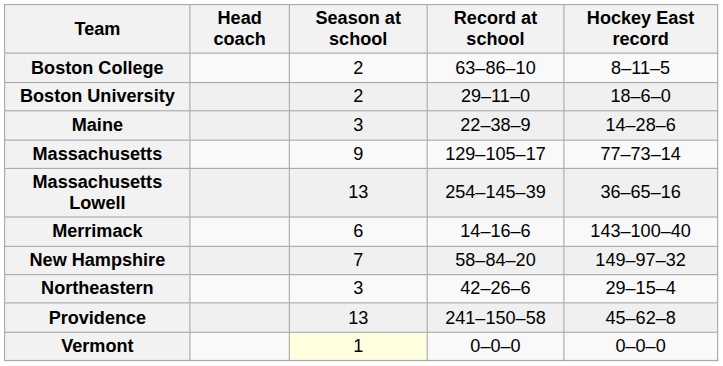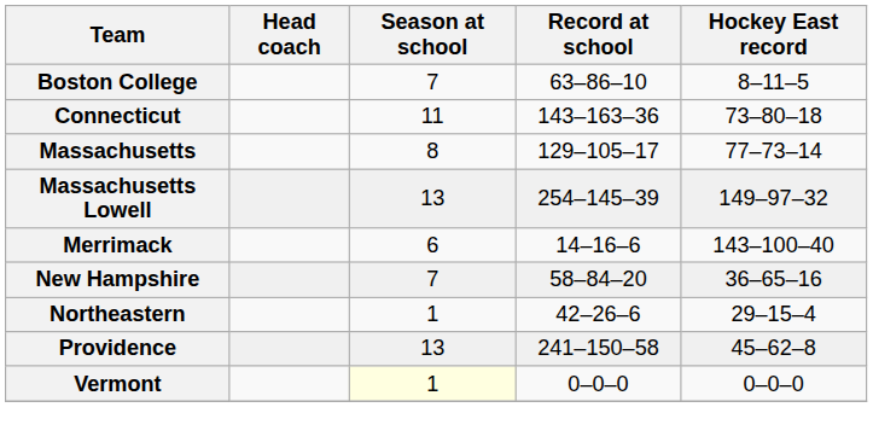 <table class="wikitable sortable" style="text-align: center; "width=50%">
 <tr>
 <th>Team</th>
 <th>Head coach</th>
 <th>Season at school</th>
 <th>Record at school</th>
 <th>Hockey East record</th>
 </tr>
 <tr>
 <th>Boston College</th>
 <td></td>
-<td>2</td>
+<td>7</td>
 <td>63–86–10</td>
 <td>8–11–5</td>
 </tr>
-<tr bgcolor=f0f0f0>
-<th>Boston University</th>
+<tr>
+<th>Connecticut</th>
 <td></td>
-<td>2</td>
-<td>29–11–0</td>
-<td>18–6–0</td>
-</tr>
-<tr bgcolor=f0f0f0>
-<th>Maine</th>
-<td></td>
-<td>3</td>
-<td>22–38–9</td>
-<td>14–28–6</td>
+<td>11</td>
+<td>143–163–36</td>
+<td>73–80–18</td>
 </tr>
 <tr>
 <th>Massachusetts</th>
 <td></td>
-<td>9</td>
+<td>8</td>
 <td>129–105–17</td>
 <td>77–73–14</td>
 </tr>
 <tr bgcolor=f0f0f0>
 <th>Massachusetts Lowell</th>
 <td></td>
 <td>13</td>
 <td>254–145–39</td>
-<td>36–65–16</td>
+<td>149–97–32</td>
 </tr>
 <tr>
 <th>Merrimack</th>
 <td></td>
 <td>6</td>
 <td>14–16–6</td>
 <td>143–100–40</td>
 </tr>
 <tr bgcolor=f0f0f0>
 <th>New Hampshire</th>
 <td></td>
 <td>7</td>
 <td>58–84–20</td>
-<td>149–97–32</td>
+<td>36–65–16</td>
 </tr>
 <tr>
 <th>Northeastern</th>
 <td></td>
-<td>3</td>
+<td>1</td>
 <td>42–26–6</td>
 <td>29–15–4</td>
 </tr>
 <tr bgcolor=f0f0f0>
 <th>Providence</th>
 <td></td>
 <td>13</td>
 <td>241–150–58</td>
 <td>45–62–8</td>
 </tr>
 <tr>
 <th>Vermont</th>
 <td></td>
 <td style="background: lightyellow;">1</td>
 <td>0–0–0</td>
 <td>0–0–0</td>
 </tr>
 <tr>
 </tr>
 </table>
